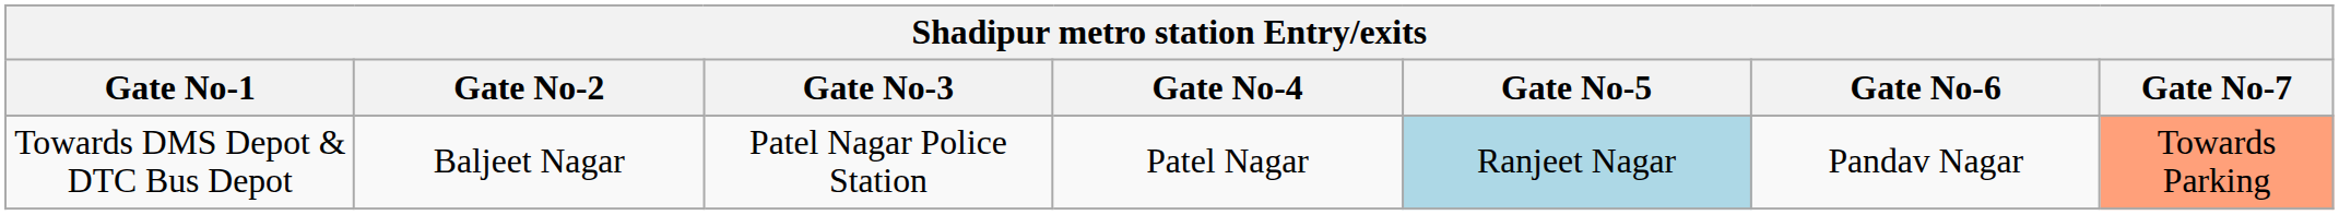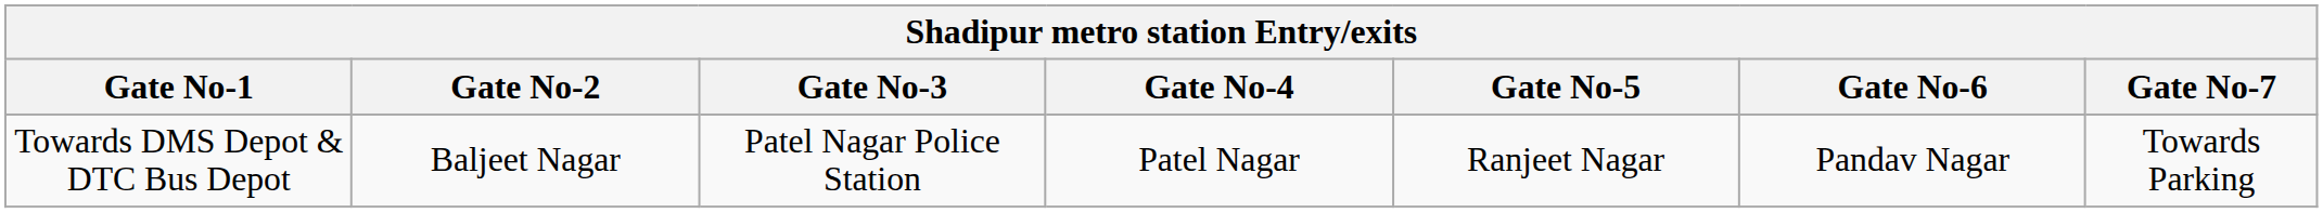 <table class="wikitable" style="text-align: center;" width="68%">
 <tr>
 <th align="center" colspan="7" style="background:#"><span>Shadipur metro station Entry/exits</span></th>
 </tr>
 <tr>
 <th style="width:15%;">Gate No-1</th>
 <th style="width:15%;">Gate No-2</th>
 <th style="width:15%;">Gate No-3</th>
 <th style="width:15%;">Gate No-4</th>
 <th style="width:15%;">Gate No-5</th>
 <th style="width:15%;">Gate No-6</th>
 <th style="width:15%;">Gate No-7</th>
 </tr>
 <tr>
 <td>Towards DMS Depot & DTC Bus Depot</td>
 <td>Baljeet Nagar</td>
 <td>Patel Nagar Police Station</td>
 <td>Patel Nagar</td>
-<td style="background: lightblue;">Ranjeet Nagar</td>
+<td>Ranjeet Nagar</td>
 <td>Pandav Nagar</td>
-<td style="background: lightsalmon;">Towards Parking</td>
+<td>Towards Parking</td>
 </tr>
 </table>
